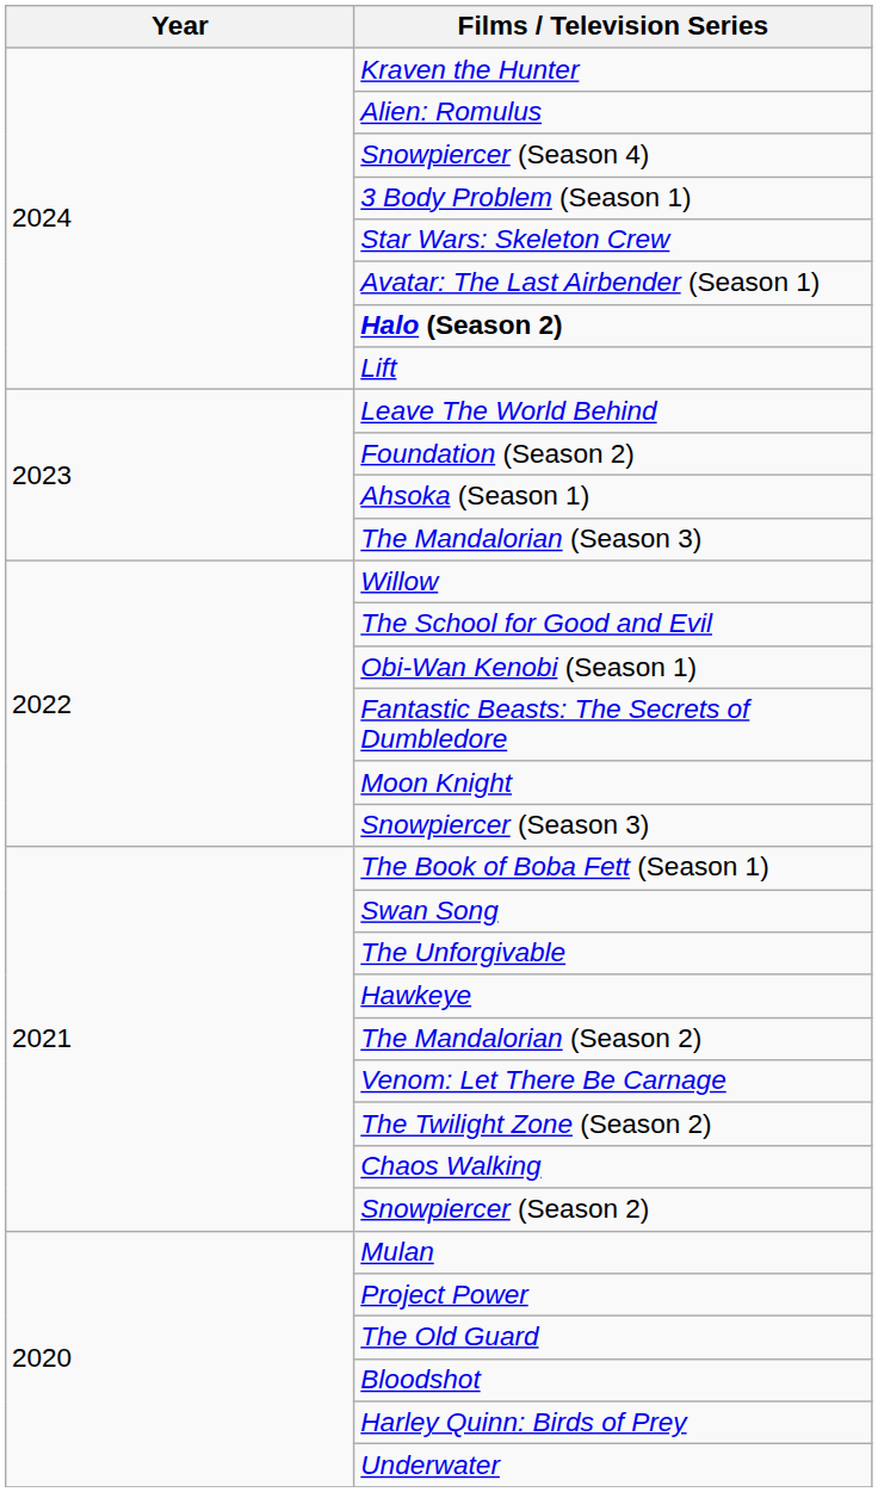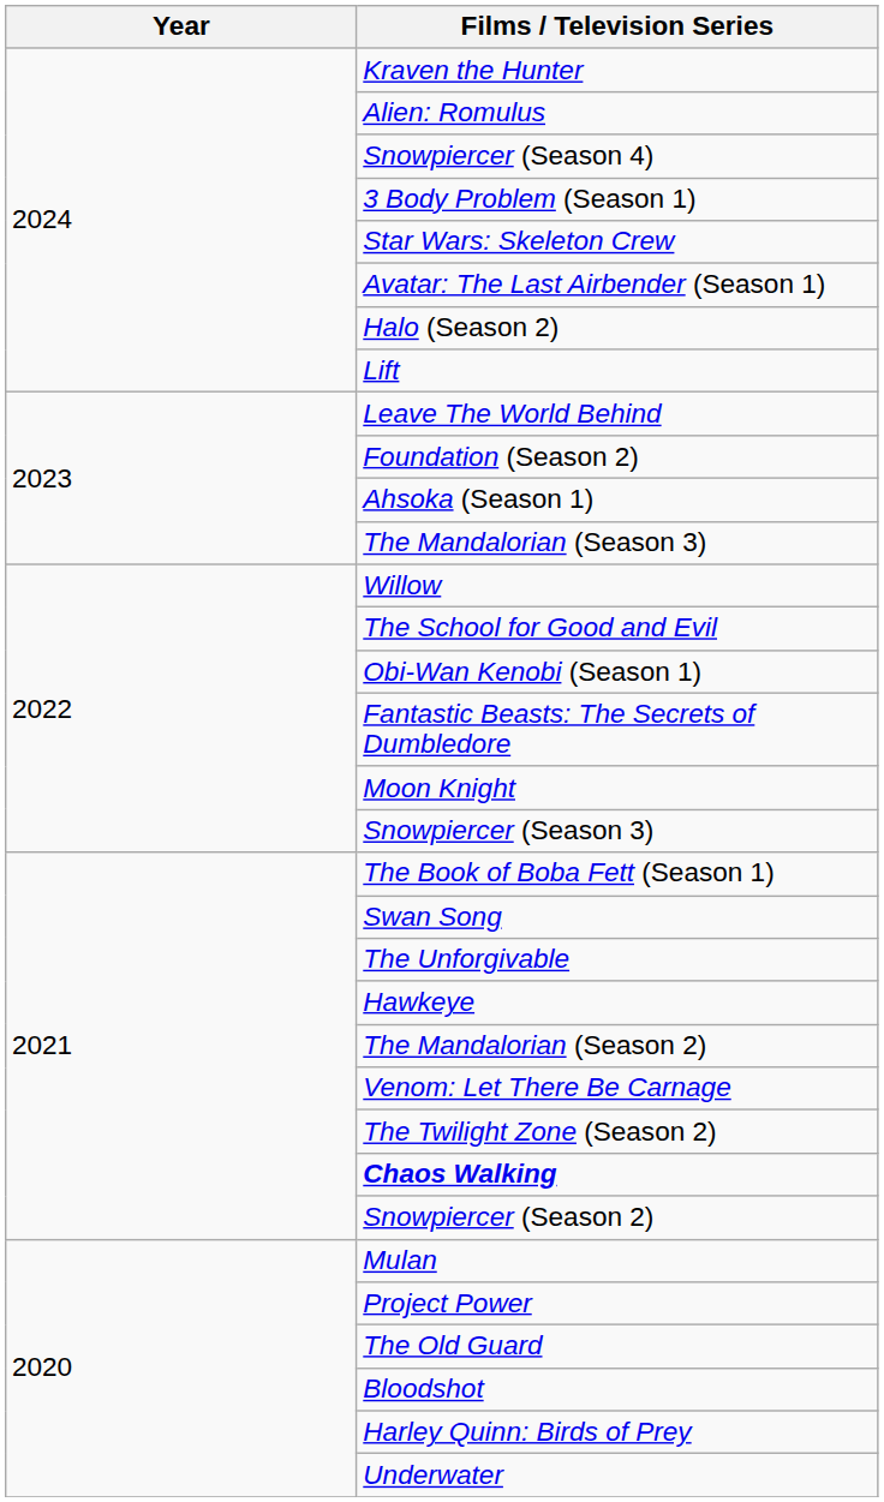 <table class="wikitable sortable">
 <tr>
 <th scope="col" style="width: 200px;">Year</th>
 <th scope="col" style="width: 300px;">Films / Television Series</th>
 </tr>
 <tr>
 <td colspan="1" rowspan="8">2024</td>
 <td><em><a href='#'>Kraven the Hunter</a></em></td>
 </tr>
 <tr>
 <td><em><a href='#'>Alien: Romulus</a></em></td>
 </tr>
 <tr>
 <td><em><a href='#'>Snowpiercer</a></em> (Season 4)</td>
 </tr>
 <tr>
 <td><em><a href='#'>3 Body Problem</a></em> (Season 1)</td>
 </tr>
 <tr>
 <td><em><a href='#'>Star Wars: Skeleton Crew</a></em></td>
 </tr>
 <tr>
 <td><em><a href='#'>Avatar: The Last Airbender</a></em> (Season 1)</td>
 </tr>
 <tr>
-<td><strong><em><a href='#'>Halo</a></em> (Season 2)</strong></td>
+<td><em><a href='#'>Halo</a></em> (Season 2)</td>
 </tr>
 <tr>
 <td><em><a href='#'>Lift</a></em></td>
 </tr>
 <tr>
 <td rowspan="4">2023</td>
 <td><em><a href='#'>Leave The World Behind</a></em></td>
 </tr>
 <tr>
 <td><em><a href='#'>Foundation</a></em> (Season 2)</td>
 </tr>
 <tr>
 <td><em><a href='#'>Ahsoka</a></em> (Season 1)</td>
 </tr>
 <tr>
 <td><em><a href='#'>The Mandalorian</a></em> (Season 3)</td>
 </tr>
 <tr>
 <td rowspan="6">2022</td>
 <td><em><a href='#'>Willow</a></em></td>
 </tr>
 <tr>
 <td><em><a href='#'>The School for Good and Evil</a></em></td>
 </tr>
 <tr>
 <td><em><a href='#'>Obi-Wan Kenobi</a></em> (Season 1)</td>
 </tr>
 <tr>
 <td><em><a href='#'>Fantastic Beasts: The Secrets of Dumbledore</a></em></td>
 </tr>
 <tr>
 <td><em><a href='#'>Moon Knight</a></em></td>
 </tr>
 <tr>
 <td><em><a href='#'>Snowpiercer</a></em> (Season 3)</td>
 </tr>
 <tr>
 <td rowspan="9">2021</td>
 <td><em><a href='#'>The Book of Boba Fett</a></em> (Season 1)</td>
 </tr>
 <tr>
 <td><em><a href='#'>Swan Song</a></em></td>
 </tr>
 <tr>
 <td><em><a href='#'>The Unforgivable</a></em></td>
 </tr>
 <tr>
 <td><em><a href='#'>Hawkeye</a></em></td>
 </tr>
 <tr>
 <td><em><a href='#'>The Mandalorian</a></em> (Season 2)</td>
 </tr>
 <tr>
 <td><em><a href='#'>Venom: Let There Be Carnage</a></em></td>
 </tr>
 <tr>
 <td><em><a href='#'>The Twilight Zone</a></em> (Season 2)</td>
 </tr>
 <tr>
-<td><em><a href='#'>Chaos Walking</a></em></td>
+<td><strong><em><a href='#'>Chaos Walking</a></em></strong></td>
 </tr>
 <tr>
 <td><em><a href='#'>Snowpiercer</a></em> (Season 2)</td>
 </tr>
 <tr>
 <td colspan="1" rowspan="6">2020</td>
 <td><em><a href='#'>Mulan</a></em></td>
 </tr>
 <tr>
 <td><em><a href='#'>Project Power</a></em></td>
 </tr>
 <tr>
 <td><em><a href='#'>The Old Guard</a></em></td>
 </tr>
 <tr>
 <td><em><a href='#'>Bloodshot</a></em></td>
 </tr>
 <tr>
 <td><em><a href='#'>Harley Quinn: Birds of Prey</a></em></td>
 </tr>
 <tr>
 <td><em><a href='#'>Underwater</a></em></td>
 </tr>
 </table>
